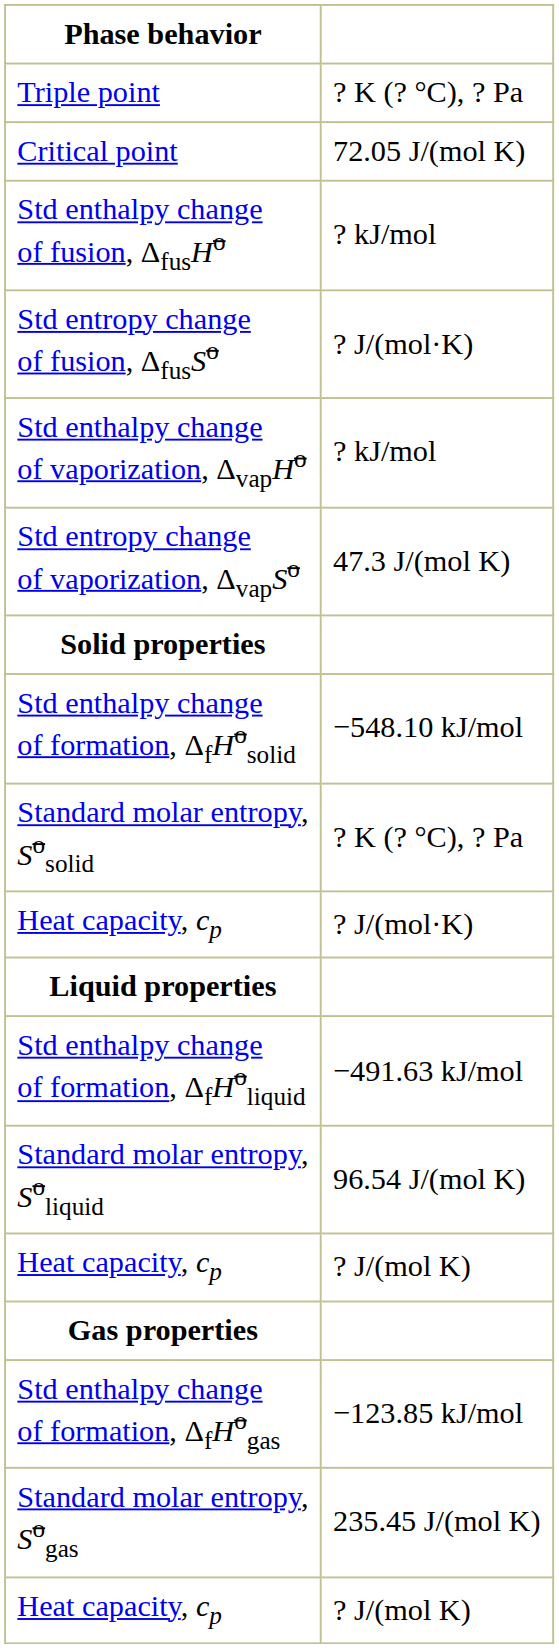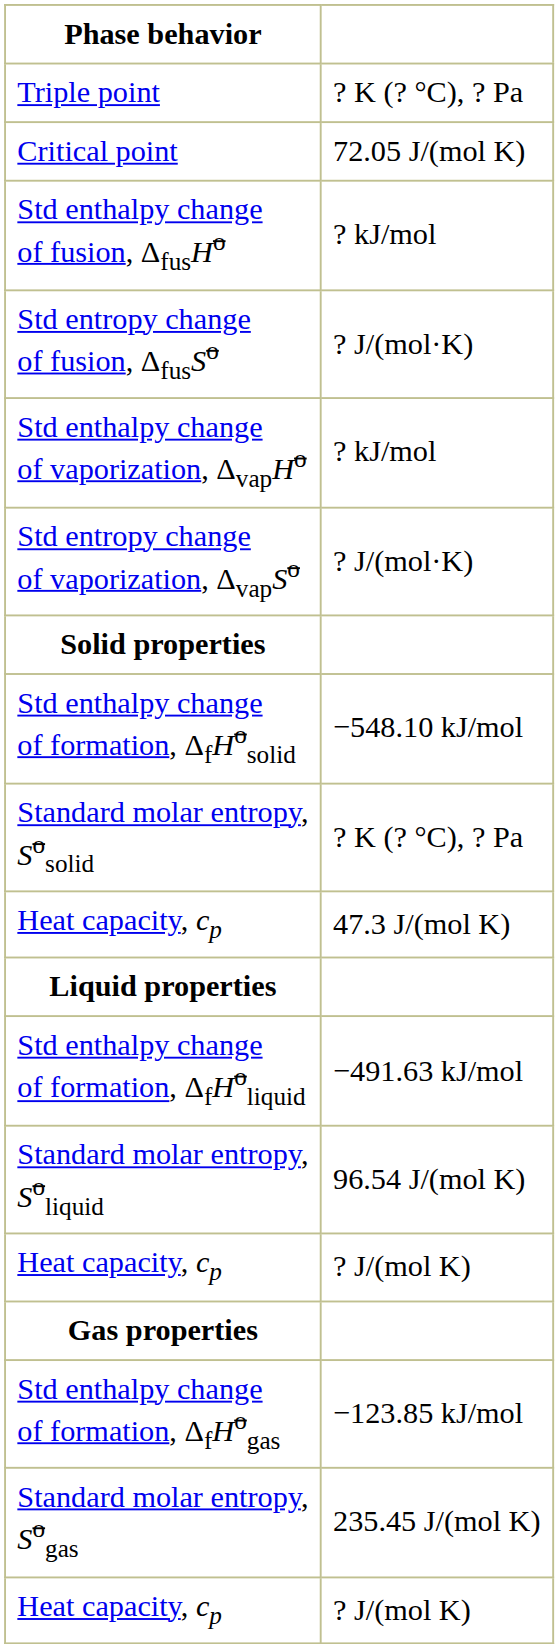 <table border="1" cellspacing="0" cellpadding="6" style="margin: 0 0 0 0.5em; background: #FFFFFF; border-collapse: collapse; border-color: #C0C090;">
 <tr>
 <th>Phase behavior</th>
 </tr>
 <tr>
 <td><a href='#'>Triple point</a></td>
 <td>? K (? °C), ? Pa</td>
 </tr>
 <tr>
 <td><a href='#'>Critical point</a></td>
 <td>72.05 J/(mol K)</td>
 </tr>
 <tr>
 <td><a href='#'>Std enthalpy change<br>of fusion</a>, Δ<sub>fus</sub><em>H</em><sup><s>o</s></sup></td>
 <td>? kJ/mol</td>
 </tr>
 <tr>
 <td><a href='#'>Std entropy change<br>of fusion</a>, Δ<sub>fus</sub><em>S</em><sup><s>o</s></sup></td>
 <td>? J/(mol·K)</td>
 </tr>
 <tr>
 <td><a href='#'>Std enthalpy change<br>of vaporization</a>, Δ<sub>vap</sub><em>H</em><sup><s>o</s></sup></td>
 <td>? kJ/mol</td>
 </tr>
 <tr>
 <td><a href='#'>Std entropy change<br>of vaporization</a>, Δ<sub>vap</sub><em>S</em><sup><s>o</s></sup></td>
-<td>47.3 J/(mol K)</td>
+<td>? J/(mol·K)</td>
 </tr>
 <tr>
 <th>Solid properties</th>
 </tr>
 <tr>
 <td><a href='#'>Std enthalpy change<br>of formation</a>, Δ<sub>f</sub><em>H</em><sup><s>o</s></sup><sub>solid</sub></td>
 <td>−548.10 kJ/mol</td>
 </tr>
 <tr>
 <td><a href='#'>Standard molar entropy</a>,<br><em>S</em><sup><s>o</s></sup><sub>solid</sub></td>
 <td>? K (? °C), ? Pa</td>
 </tr>
 <tr>
 <td><a href='#'>Heat capacity</a>, <em>c<sub>p</sub></em></td>
-<td>? J/(mol·K)</td>
+<td>47.3 J/(mol K)</td>
 </tr>
 <tr>
 <th>Liquid properties</th>
 </tr>
 <tr>
 <td><a href='#'>Std enthalpy change<br>of formation</a>, Δ<sub>f</sub><em>H</em><sup><s>o</s></sup><sub>liquid</sub></td>
 <td>−491.63 kJ/mol</td>
 </tr>
 <tr>
 <td><a href='#'>Standard molar entropy</a>,<br><em>S</em><sup><s>o</s></sup><sub>liquid</sub></td>
 <td>96.54 J/(mol K)</td>
 </tr>
 <tr>
 <td><a href='#'>Heat capacity</a>, <em>c<sub>p</sub></em></td>
 <td>? J/(mol K)</td>
 </tr>
 <tr>
 <th>Gas properties</th>
 </tr>
 <tr>
 <td><a href='#'>Std enthalpy change<br>of formation</a>, Δ<sub>f</sub><em>H</em><sup><s>o</s></sup><sub>gas</sub></td>
 <td>−123.85 kJ/mol</td>
 </tr>
 <tr>
 <td><a href='#'>Standard molar entropy</a>,<br><em>S</em><sup><s>o</s></sup><sub>gas</sub></td>
 <td>235.45 J/(mol K)</td>
 </tr>
 <tr>
 <td><a href='#'>Heat capacity</a>, <em>c<sub>p</sub></em></td>
 <td>? J/(mol K)</td>
 </tr>
 <tr>
 </tr>
 </table>
